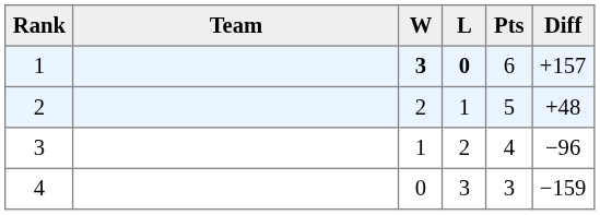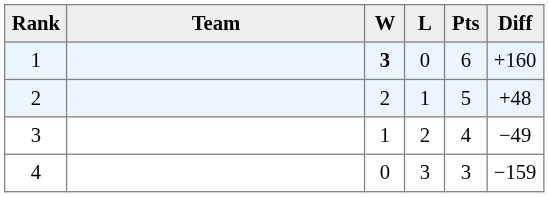 <table style=border-collapse:collapse border=1 cellspacing=0 cellpadding=5>
 <tr align=center bgcolor=#efefef>
 <th width=20>Rank</th>
 <th width=220>Team</th>
 <th width=20>W</th>
 <th width=20>L</th>
 <th width=20>Pts</th>
 <th width=25>Diff</th>
 </tr>
 <tr align=center bgcolor=#EBF5FF>
 <td>1</td>
 <td align=left></td>
 <td><strong>3</strong></td>
-<td><strong>0</strong></td>
+<td>0</td>
 <td>6</td>
-<td>+157</td>
+<td>+160</td>
 </tr>
 <tr align=center bgcolor=#EBF5FF>
 <td>2</td>
 <td align=left></td>
 <td>2</td>
 <td>1</td>
 <td>5</td>
 <td>+48</td>
 </tr>
 <tr align=center>
 <td>3</td>
 <td align=left></td>
 <td>1</td>
 <td>2</td>
 <td>4</td>
-<td>−96</td>
+<td>−49</td>
 </tr>
 <tr align=center>
 <td>4</td>
 <td align=left></td>
 <td>0</td>
 <td>3</td>
 <td>3</td>
 <td>−159</td>
 </tr>
 </table>
